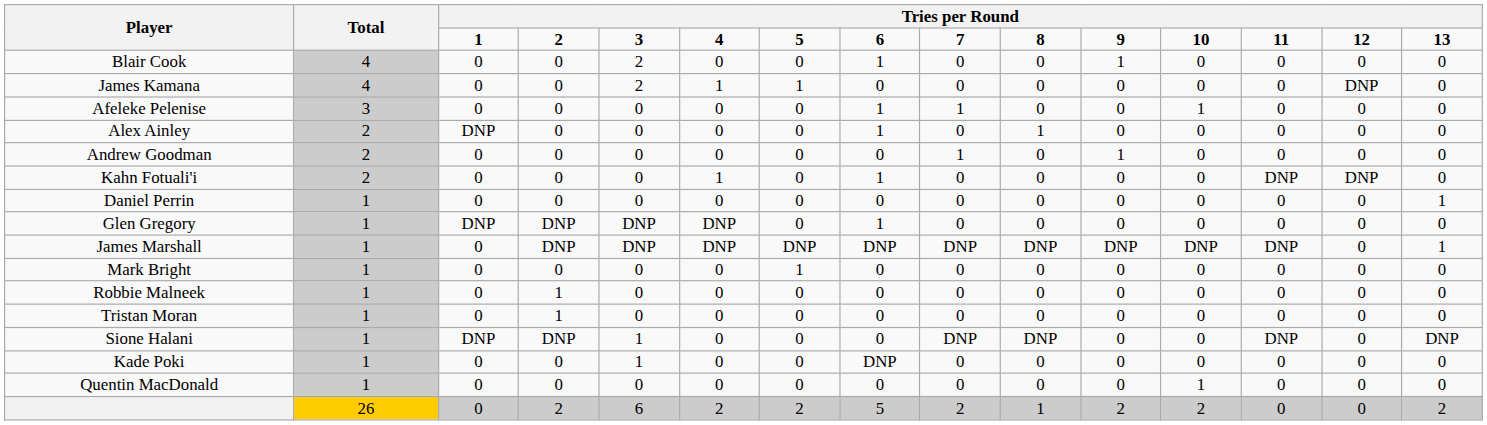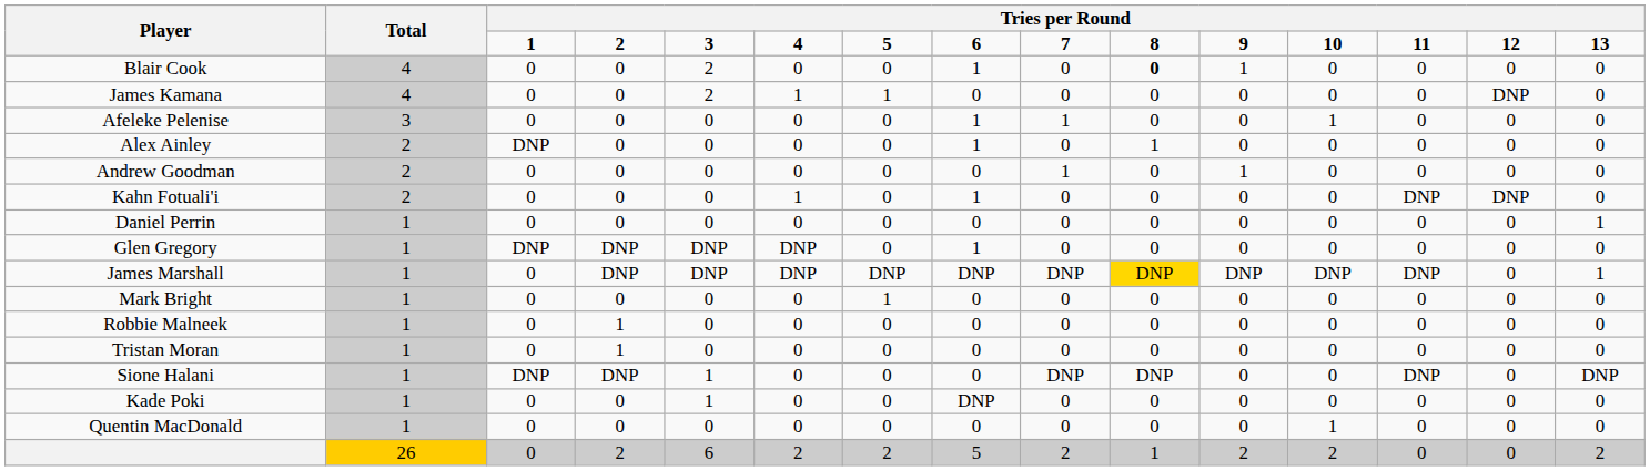 <table class="wikitable" style="text-align:center; line-height: 90%; font-size:90%;" width=100%>
 <tr>
 <th rowspan=2 width=18%>Player</th>
 <th rowspan=2 width=9%>Total</th>
 <th colspan=13>Tries per Round</th>
 </tr>
 <tr>
 <td width=5%><strong>1</strong></td>
 <td width=5%><strong>2</strong></td>
 <td width=5%><strong>3</strong></td>
 <td width=5%><strong>4</strong></td>
 <td width=5%><strong>5</strong></td>
 <td width=5%><strong>6</strong></td>
 <td width=5%><strong>7</strong></td>
 <td width=5%><strong>8</strong></td>
 <td width=5%><strong>9</strong></td>
 <td width=5%><strong>10</strong></td>
 <td width=5%><strong>11</strong></td>
 <td width=5%><strong>12</strong></td>
 <td width=5%><strong>13</strong></td>
 </tr>
 <tr>
 <td>Blair Cook</td>
 <td bgcolor=#cccccc>4</td>
 <td>0</td>
 <td>0</td>
 <td>2</td>
 <td>0</td>
 <td>0</td>
 <td>1</td>
 <td>0</td>
-<td>0</td>
+<td><strong>0</strong></td>
 <td>1</td>
 <td>0</td>
 <td>0</td>
 <td>0</td>
 <td>0</td>
 </tr>
 <tr>
 <td>James Kamana</td>
 <td bgcolor=#cccccc>4</td>
 <td>0</td>
 <td>0</td>
 <td>2</td>
 <td>1</td>
 <td>1</td>
 <td>0</td>
 <td>0</td>
 <td>0</td>
 <td>0</td>
 <td>0</td>
 <td>0</td>
 <td>DNP</td>
 <td>0</td>
 </tr>
 <tr>
 <td>Afeleke Pelenise</td>
 <td bgcolor=#cccccc>3</td>
 <td>0</td>
 <td>0</td>
 <td>0</td>
 <td>0</td>
 <td>0</td>
 <td>1</td>
 <td>1</td>
 <td>0</td>
 <td>0</td>
 <td>1</td>
 <td>0</td>
 <td>0</td>
 <td>0</td>
 </tr>
 <tr>
 <td>Alex Ainley</td>
 <td bgcolor=#cccccc>2</td>
 <td>DNP</td>
 <td>0</td>
 <td>0</td>
 <td>0</td>
 <td>0</td>
 <td>1</td>
 <td>0</td>
 <td>1</td>
 <td>0</td>
 <td>0</td>
 <td>0</td>
 <td>0</td>
 <td>0</td>
 </tr>
 <tr>
 <td>Andrew Goodman</td>
 <td bgcolor=#cccccc>2</td>
 <td>0</td>
 <td>0</td>
 <td>0</td>
 <td>0</td>
 <td>0</td>
 <td>0</td>
 <td>1</td>
 <td>0</td>
 <td>1</td>
 <td>0</td>
 <td>0</td>
 <td>0</td>
 <td>0</td>
 </tr>
 <tr>
 <td>Kahn Fotuali'i</td>
 <td bgcolor=#cccccc>2</td>
 <td>0</td>
 <td>0</td>
 <td>0</td>
 <td>1</td>
 <td>0</td>
 <td>1</td>
 <td>0</td>
 <td>0</td>
 <td>0</td>
 <td>0</td>
 <td>DNP</td>
 <td>DNP</td>
 <td>0</td>
 </tr>
 <tr>
 <td>Daniel Perrin</td>
 <td bgcolor=#cccccc>1</td>
 <td>0</td>
 <td>0</td>
 <td>0</td>
 <td>0</td>
 <td>0</td>
 <td>0</td>
 <td>0</td>
 <td>0</td>
 <td>0</td>
 <td>0</td>
 <td>0</td>
 <td>0</td>
 <td>1</td>
 </tr>
 <tr>
 <td>Glen Gregory</td>
 <td bgcolor=#cccccc>1</td>
 <td>DNP</td>
 <td>DNP</td>
 <td>DNP</td>
 <td>DNP</td>
 <td>0</td>
 <td>1</td>
 <td>0</td>
 <td>0</td>
 <td>0</td>
 <td>0</td>
 <td>0</td>
 <td>0</td>
 <td>0</td>
 </tr>
 <tr>
 <td>James Marshall</td>
 <td bgcolor=#cccccc>1</td>
 <td>0</td>
 <td>DNP</td>
 <td>DNP</td>
 <td>DNP</td>
 <td>DNP</td>
 <td>DNP</td>
 <td>DNP</td>
-<td>DNP</td>
+<td style="background: gold;">DNP</td>
 <td>DNP</td>
 <td>DNP</td>
 <td>DNP</td>
 <td>0</td>
 <td>1</td>
 </tr>
 <tr>
 <td>Mark Bright</td>
 <td bgcolor=#cccccc>1</td>
 <td>0</td>
 <td>0</td>
 <td>0</td>
 <td>0</td>
 <td>1</td>
 <td>0</td>
 <td>0</td>
 <td>0</td>
 <td>0</td>
 <td>0</td>
 <td>0</td>
 <td>0</td>
 <td>0</td>
 </tr>
 <tr>
 <td>Robbie Malneek</td>
 <td bgcolor=#cccccc>1</td>
 <td>0</td>
 <td>1</td>
 <td>0</td>
 <td>0</td>
 <td>0</td>
 <td>0</td>
 <td>0</td>
 <td>0</td>
 <td>0</td>
 <td>0</td>
 <td>0</td>
 <td>0</td>
 <td>0</td>
 </tr>
 <tr>
 <td>Tristan Moran</td>
 <td bgcolor=#cccccc>1</td>
 <td>0</td>
 <td>1</td>
 <td>0</td>
 <td>0</td>
 <td>0</td>
 <td>0</td>
 <td>0</td>
 <td>0</td>
 <td>0</td>
 <td>0</td>
 <td>0</td>
 <td>0</td>
 <td>0</td>
 </tr>
 <tr>
 <td>Sione Halani</td>
 <td bgcolor=#cccccc>1</td>
 <td>DNP</td>
 <td>DNP</td>
 <td>1</td>
 <td>0</td>
 <td>0</td>
 <td>0</td>
 <td>DNP</td>
 <td>DNP</td>
 <td>0</td>
 <td>0</td>
 <td>DNP</td>
 <td>0</td>
 <td>DNP</td>
 </tr>
 <tr>
 <td>Kade Poki</td>
 <td bgcolor=#cccccc>1</td>
 <td>0</td>
 <td>0</td>
 <td>1</td>
 <td>0</td>
 <td>0</td>
 <td>DNP</td>
 <td>0</td>
 <td>0</td>
 <td>0</td>
 <td>0</td>
 <td>0</td>
 <td>0</td>
 <td>0</td>
 </tr>
 <tr>
 <td>Quentin MacDonald</td>
 <td bgcolor=#cccccc>1</td>
 <td>0</td>
 <td>0</td>
 <td>0</td>
 <td>0</td>
 <td>0</td>
 <td>0</td>
 <td>0</td>
 <td>0</td>
 <td>0</td>
 <td>1</td>
 <td>0</td>
 <td>0</td>
 <td>0</td>
 </tr>
 <tr>
 <th></th>
 <td bgcolor=#ffcc00>26</td>
 <td bgcolor=#cccccc>0</td>
 <td bgcolor=#cccccc>2</td>
 <td bgcolor=#cccccc>6</td>
 <td bgcolor=#cccccc>2</td>
 <td bgcolor=#cccccc>2</td>
 <td bgcolor=#cccccc>5</td>
 <td bgcolor=#cccccc>2</td>
 <td bgcolor=#cccccc>1</td>
 <td bgcolor=#cccccc>2</td>
 <td bgcolor=#cccccc>2</td>
 <td bgcolor=#cccccc>0</td>
 <td bgcolor=#cccccc>0</td>
 <td bgcolor=#cccccc>2</td>
 </tr>
 </table>
